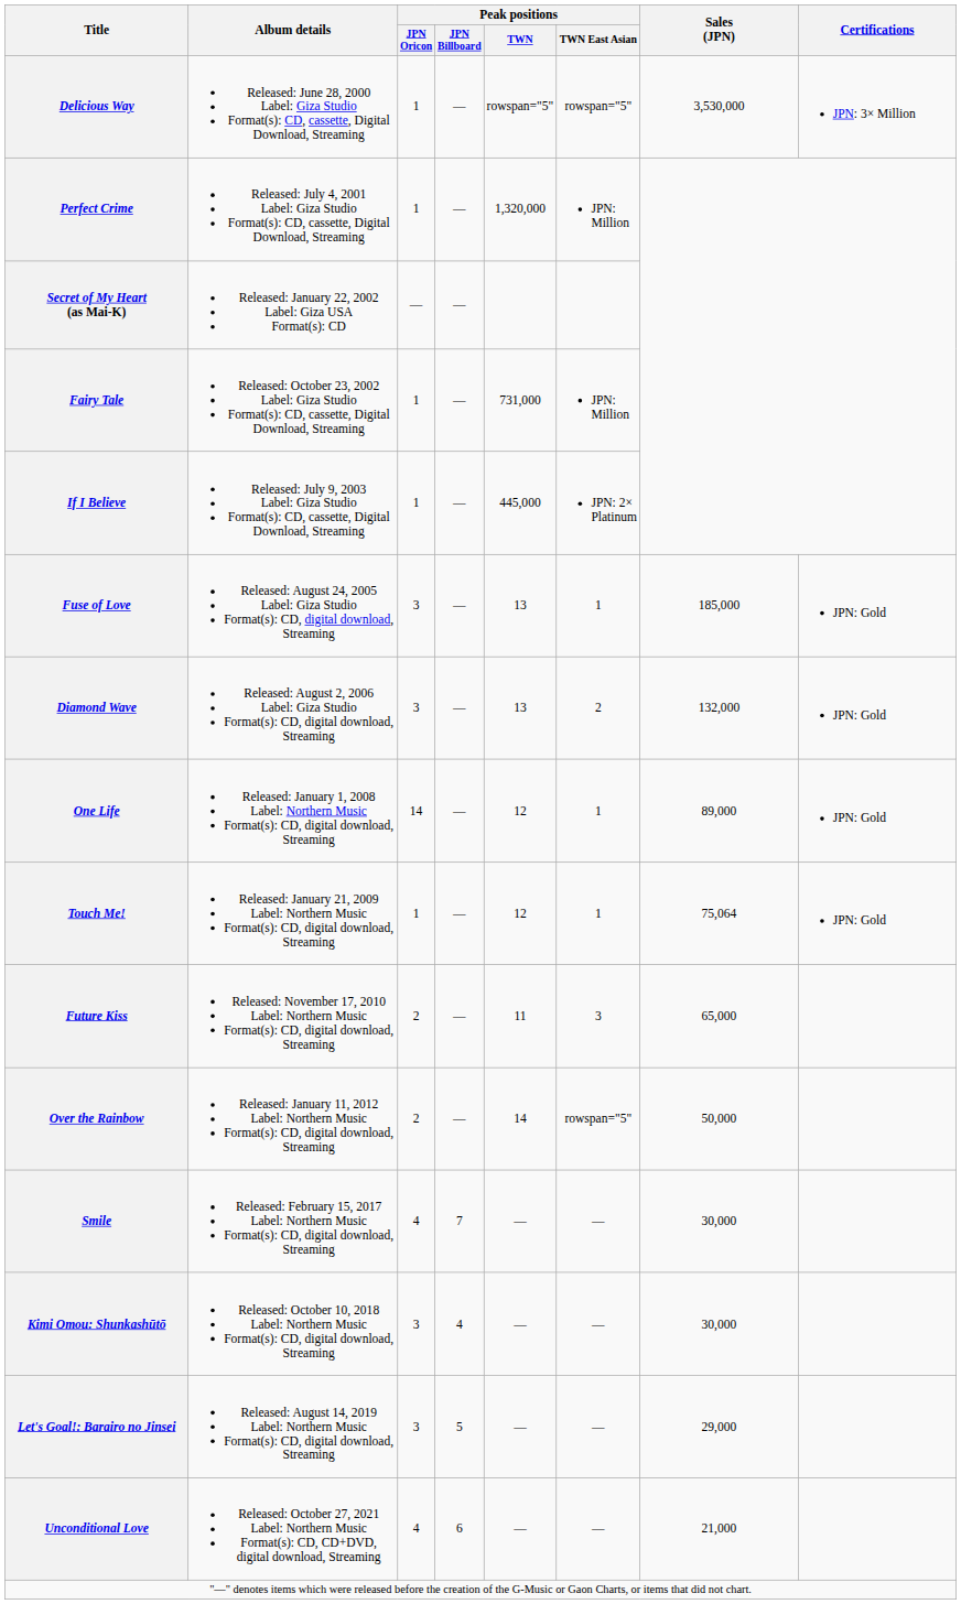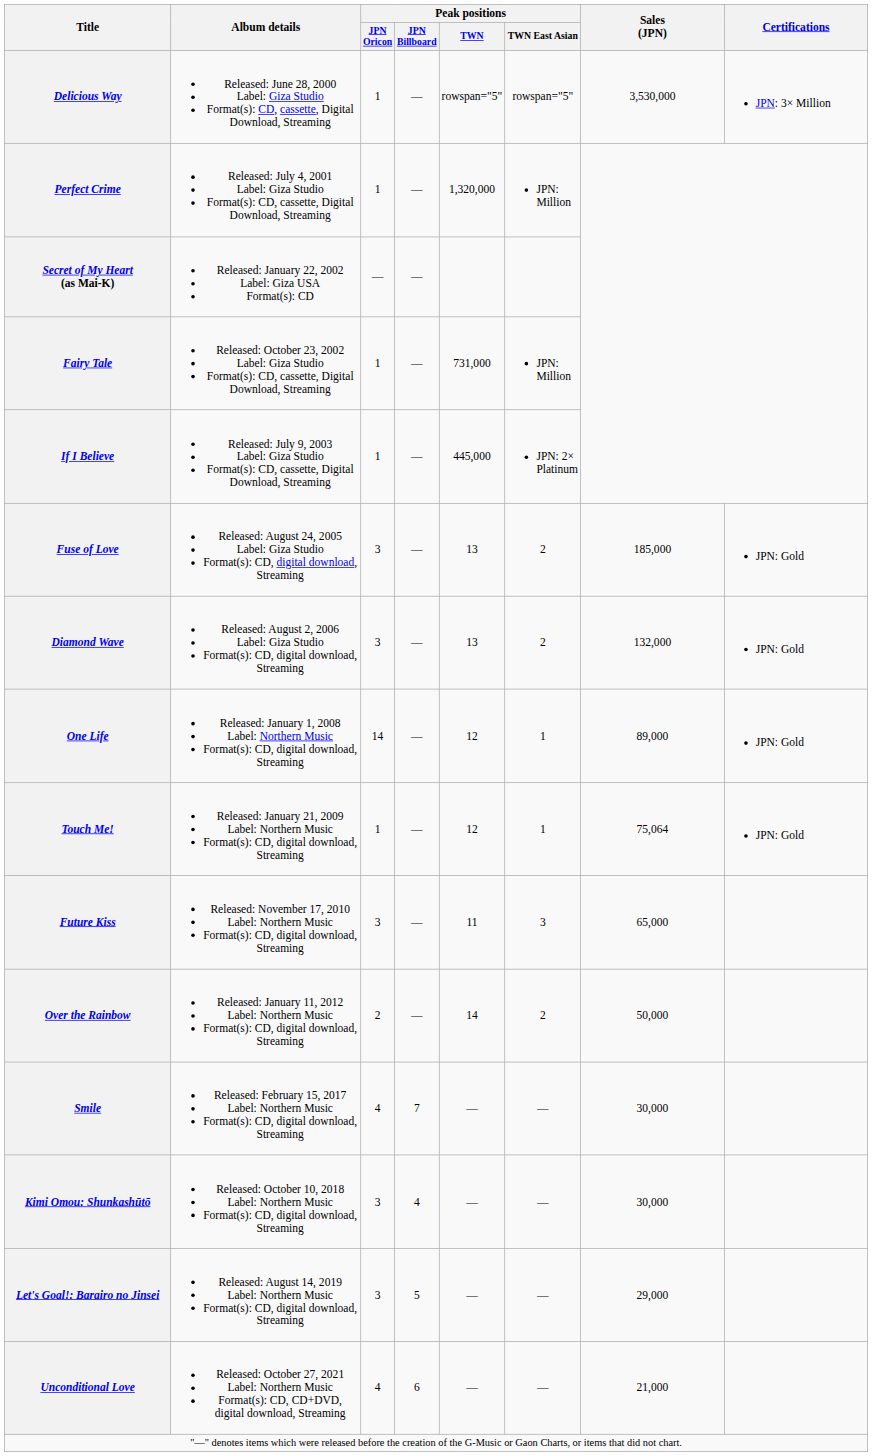 <table class="wikitable plainrowheaders" style="text-align:center;">
 <tr>
 <th style="width:14em;" rowspan="2">Title</th>
 <th style="width:16em;" rowspan="2">Album details</th>
 <th colspan="4">Peak positions</th>
 <th style="width:12em;" rowspan="2">Sales<br>(JPN)</th>
 <th style="width:12em;" rowspan="2"><a href='#'>Certifications</a></th>
 </tr>
 <tr>
 <th style="width:3em;font-size:85%"><a href='#'>JPN<br>Oricon</a><br></th>
 <th style="width:3em;font-size:85%"><a href='#'>JPN<br>Billboard</a><br></th>
 <th style="width:3em;font-size:85%"><a href='#'>TWN</a><br></th>
 <th style="width:3em;font-size:85%">TWN East Asian<br></th>
 </tr>
 <tr>
 <th scope="row"><em><a href='#'>Delicious Way</a></em></th>
 <td><br><ul><li>Released: June 28, 2000</li><li>Label: <a href='#'>Giza Studio</a></li><li>Format(s): <a href='#'>CD</a>, <a href='#'>cassette</a>, Digital Download, Streaming</li></ul></td>
 <td>1</td>
 <td>—</td>
 <td>rowspan="5" </td>
 <td>rowspan="5" </td>
 <td>3,530,000</td>
 <td align="left"><br><ul><li><a href='#'>JPN</a>: 3× Million</li></ul></td>
 </tr>
 <tr>
 <th scope="row"><em><a href='#'>Perfect Crime</a></em></th>
 <td><br><ul><li>Released: July 4, 2001</li><li>Label: Giza Studio</li><li>Format(s): CD, cassette, Digital Download, Streaming</li></ul></td>
 <td>1</td>
 <td>—</td>
 <td>1,320,000</td>
 <td align="left"><br><ul><li>JPN: Million</li></ul></td>
 </tr>
 <tr>
 <th scope="row"><em><a href='#'>Secret of My Heart</a></em><br><span>(as Mai-K)</span></th>
 <td><br><ul><li>Released: January 22, 2002</li><li>Label: Giza USA</li><li>Format(s): CD</li></ul></td>
 <td>—</td>
 <td>—</td>
 <td></td>
 <td></td>
 </tr>
 <tr>
 <th scope="row"><em><a href='#'>Fairy Tale</a></em></th>
 <td><br><ul><li>Released: October 23, 2002</li><li>Label: Giza Studio</li><li>Format(s): CD, cassette, Digital Download, Streaming</li></ul></td>
 <td>1</td>
 <td>—</td>
 <td>731,000</td>
 <td align="left"><br><ul><li>JPN: Million</li></ul></td>
 </tr>
 <tr>
 <th scope="row"><em><a href='#'>If I Believe</a></em></th>
 <td><br><ul><li>Released: July 9, 2003</li><li>Label: Giza Studio</li><li>Format(s): CD, cassette, Digital Download, Streaming</li></ul></td>
 <td>1</td>
 <td>—</td>
 <td>445,000</td>
 <td align="left"><br><ul><li>JPN: 2× Platinum</li></ul></td>
 </tr>
 <tr>
 <th scope="row"><em><a href='#'>Fuse of Love</a></em></th>
 <td><br><ul><li>Released: August 24, 2005</li><li>Label: Giza Studio</li><li>Format(s): CD, <a href='#'>digital download</a>, Streaming</li></ul></td>
 <td>3</td>
 <td>—</td>
 <td>13</td>
-<td>1</td>
+<td>2</td>
 <td>185,000</td>
 <td align="left"><br><ul><li>JPN: Gold</li></ul></td>
 </tr>
 <tr>
 <th scope="row"><em><a href='#'>Diamond Wave</a></em></th>
 <td><br><ul><li>Released: August 2, 2006</li><li>Label: Giza Studio</li><li>Format(s): CD, digital download, Streaming</li></ul></td>
 <td>3</td>
 <td>—</td>
 <td>13</td>
 <td>2</td>
 <td>132,000</td>
 <td align="left"><br><ul><li>JPN: Gold</li></ul></td>
 </tr>
 <tr>
 <th scope="row"><em><a href='#'>One Life</a></em></th>
 <td><br><ul><li>Released: January 1, 2008</li><li>Label: <a href='#'>Northern Music</a></li><li>Format(s): CD, digital download, Streaming</li></ul></td>
 <td>14</td>
 <td>—</td>
 <td>12</td>
 <td>1</td>
 <td>89,000</td>
 <td align="left"><br><ul><li>JPN: Gold</li></ul></td>
 </tr>
 <tr>
 <th scope="row"><em><a href='#'>Touch Me!</a></em></th>
 <td><br><ul><li>Released: January 21, 2009</li><li>Label: Northern Music</li><li>Format(s): CD, digital download, Streaming</li></ul></td>
 <td>1</td>
 <td>—</td>
 <td>12</td>
 <td>1</td>
 <td>75,064</td>
 <td align="left"><br><ul><li>JPN: Gold</li></ul></td>
 </tr>
 <tr>
 <th scope="row"><em><a href='#'>Future Kiss</a></em></th>
 <td><br><ul><li>Released: November 17, 2010</li><li>Label: Northern Music</li><li>Format(s): CD, digital download, Streaming</li></ul></td>
-<td>2</td>
+<td>3</td>
 <td>—</td>
 <td>11</td>
 <td>3</td>
 <td>65,000</td>
 <td align="left"></td>
 </tr>
 <tr>
 <th scope="row"><em><a href='#'>Over the Rainbow</a></em></th>
 <td><br><ul><li>Released: January 11, 2012</li><li>Label: Northern Music</li><li>Format(s): CD, digital download, Streaming</li></ul></td>
 <td>2</td>
 <td>—</td>
 <td>14</td>
-<td>rowspan="5" </td>
+<td>2</td>
 <td>50,000</td>
 <td align="left"></td>
 </tr>
 <tr>
 <th scope="row"><em><a href='#'>Smile</a></em></th>
 <td><br><ul><li>Released: February 15, 2017</li><li>Label: Northern Music</li><li>Format(s): CD, digital download, Streaming</li></ul></td>
 <td>4</td>
 <td>7</td>
 <td>—</td>
 <td>—</td>
 <td>30,000</td>
 <td align="left"></td>
 </tr>
 <tr>
 <th scope="row"><em><a href='#'>Kimi Omou: Shunkashūtō</a></em></th>
 <td><br><ul><li>Released: October 10, 2018</li><li>Label: Northern Music</li><li>Format(s): CD, digital download, Streaming</li></ul></td>
 <td>3</td>
 <td>4</td>
 <td>—</td>
 <td>—</td>
 <td>30,000</td>
 <td align="left"></td>
 </tr>
 <tr>
 <th scope="row"><em><a href='#'>Let's Goal!: Barairo no Jinsei</a></em></th>
 <td><br><ul><li>Released: August 14, 2019</li><li>Label: Northern Music</li><li>Format(s): CD, digital download, Streaming</li></ul></td>
 <td>3</td>
 <td>5</td>
 <td>—</td>
 <td>—</td>
 <td>29,000</td>
 <td align="left"></td>
 </tr>
 <tr>
 <th scope="row"><em><a href='#'>Unconditional Love</a></em></th>
 <td><br><ul><li>Released: October 27, 2021</li><li>Label: Northern Music</li><li>Format(s): CD, CD+DVD, digital download, Streaming</li></ul></td>
 <td>4</td>
 <td>6</td>
 <td>—</td>
 <td>—</td>
 <td>21,000</td>
 <td align="left"></td>
 </tr>
 <tr>
 <td colspan="11" align="center" style="font-size:90%;">"—" denotes items which were released before the creation of the G-Music or Gaon Charts, or items that did not chart.</td>
 </tr>
 </table>
